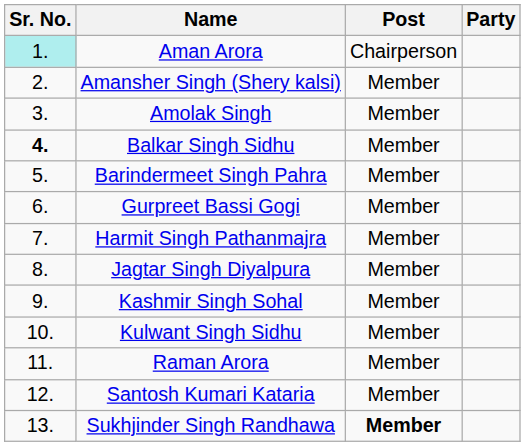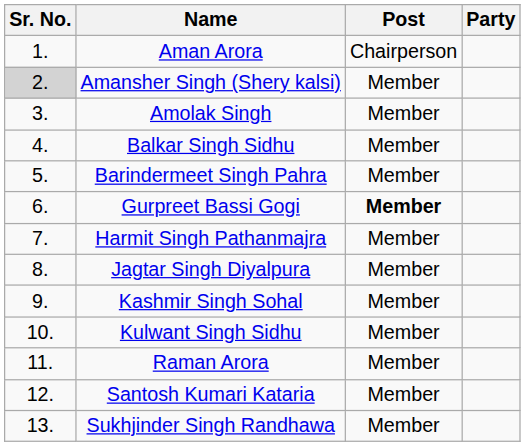 <table class="wikitable">
 <tr>
 <th>Sr. No.</th>
 <th>Name</th>
 <th>Post</th>
 <th colspan="2">Party</th>
 </tr>
 <tr align="center">
-<td style="background: paleturquoise;">1.</td>
+<td>1.</td>
 <td><a href='#'>Aman Arora</a></td>
 <td>Chairperson</td>
 <td></td>
 </tr>
 <tr align="center">
-<td>2.</td>
+<td style="background: lightgrey;">2.</td>
 <td><a href='#'>Amansher Singh (Shery kalsi)</a></td>
 <td>Member</td>
 <td></td>
 </tr>
 <tr align="center">
 <td>3.</td>
 <td><a href='#'>Amolak Singh</a></td>
 <td>Member</td>
 <td></td>
 </tr>
 <tr align="center">
-<td><strong>4.</strong></td>
+<td>4.</td>
 <td><a href='#'>Balkar Singh Sidhu</a></td>
 <td>Member</td>
 <td></td>
 </tr>
 <tr align="center">
 <td>5.</td>
 <td><a href='#'>Barindermeet Singh Pahra</a></td>
 <td>Member</td>
 <td></td>
 </tr>
 <tr align="center">
 <td>6.</td>
 <td><a href='#'>Gurpreet Bassi Gogi</a></td>
-<td>Member</td>
+<td><strong>Member</strong></td>
 <td></td>
 </tr>
 <tr align="center">
 <td>7.</td>
 <td><a href='#'>Harmit Singh Pathanmajra</a></td>
 <td>Member</td>
 <td></td>
 </tr>
 <tr align="center">
 <td>8.</td>
 <td><a href='#'>Jagtar Singh Diyalpura</a></td>
 <td>Member</td>
 <td></td>
 </tr>
 <tr align="center">
 <td>9.</td>
 <td><a href='#'>Kashmir Singh Sohal</a></td>
 <td>Member</td>
 <td></td>
 </tr>
 <tr align="center">
 <td>10.</td>
 <td><a href='#'>Kulwant Singh Sidhu</a></td>
 <td>Member</td>
 <td></td>
 </tr>
 <tr align="center">
 <td>11.</td>
 <td><a href='#'>Raman Arora</a></td>
 <td>Member</td>
 <td></td>
 </tr>
 <tr align="center">
 <td>12.</td>
 <td><a href='#'>Santosh Kumari Kataria</a></td>
 <td>Member</td>
 <td></td>
 </tr>
 <tr align="center">
 <td>13.</td>
 <td><a href='#'>Sukhjinder Singh Randhawa</a></td>
-<td><strong>Member</strong></td>
+<td>Member</td>
 <td></td>
 </tr>
 </table>
